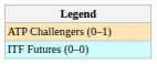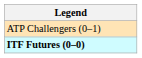 <table class="sortable wikitable">
 <tr>
 <th>Legend</th>
 </tr>
 <tr style="background:moccasin;">
 <td width="200">ATP Challengers (0–1)</td>
 </tr>
 <tr style="background:#cffcff;">
-<td width="200">ITF Futures (0–0)</td>
+<td width="200"><strong>ITF Futures (0–0)</strong></td>
 </tr>
 </table>
